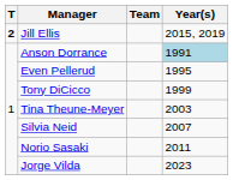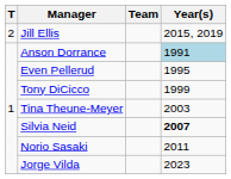 <table class="wikitable">
 <tr>
 <th>T</th>
 <th>Manager</th>
 <th>Team</th>
 <th>Year(s)</th>
 </tr>
 <tr>
-<td><strong>2</strong></td>
+<td>2</td>
 <td><a href='#'>Jill Ellis</a></td>
 <td></td>
 <td>2015, 2019</td>
 </tr>
 <tr>
 <td rowspan=7>1</td>
 <td><a href='#'>Anson Dorrance</a></td>
 <td></td>
 <td style="background: lightblue;">1991</td>
 </tr>
 <tr>
 <td><a href='#'>Even Pellerud</a></td>
 <td></td>
 <td>1995</td>
 </tr>
 <tr>
 <td><a href='#'>Tony DiCicco</a></td>
 <td></td>
 <td>1999</td>
 </tr>
 <tr>
 <td><a href='#'>Tina Theune-Meyer</a></td>
 <td></td>
 <td>2003</td>
 </tr>
 <tr>
 <td><a href='#'>Silvia Neid</a></td>
 <td></td>
-<td>2007</td>
+<td><strong>2007</strong></td>
 </tr>
 <tr>
 <td><a href='#'>Norio Sasaki</a></td>
 <td></td>
 <td>2011</td>
 </tr>
 <tr>
 <td><a href='#'>Jorge Vilda</a></td>
 <td></td>
 <td>2023</td>
 </tr>
 </table>
